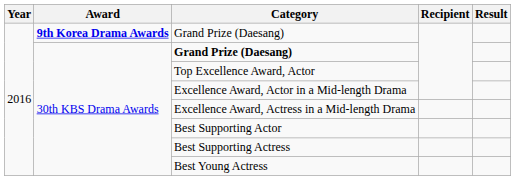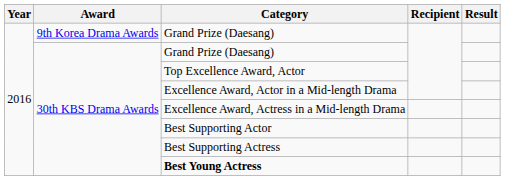 <table class="wikitable">
 <tr>
 <th>Year</th>
 <th>Award</th>
 <th>Category</th>
 <th>Recipient</th>
 <th>Result</th>
 </tr>
 <tr>
 <td rowspan="11">2016</td>
-<td><strong><a href='#'>9th Korea Drama Awards</a></strong></td>
+<td><a href='#'>9th Korea Drama Awards</a></td>
 <td>Grand Prize (Daesang)</td>
 <td rowspan="4"></td>
 <td></td>
 </tr>
 <tr>
 <td rowspan="7"><a href='#'>30th KBS Drama Awards</a></td>
-<td><strong>Grand Prize (Daesang)</strong></td>
+<td>Grand Prize (Daesang)</td>
 <td></td>
 </tr>
 <tr>
 <td>Top Excellence Award, Actor</td>
 <td></td>
 </tr>
 <tr>
 <td>Excellence Award, Actor in a Mid-length Drama</td>
 <td></td>
 </tr>
 <tr>
 <td>Excellence Award, Actress in a Mid-length Drama</td>
 <td></td>
 <td></td>
 </tr>
 <tr>
 <td>Best Supporting Actor</td>
 <td></td>
 <td></td>
 </tr>
 <tr>
 <td>Best Supporting Actress</td>
 <td></td>
 <td></td>
 </tr>
 <tr>
-<td>Best Young Actress</td>
+<td><strong>Best Young Actress</strong></td>
 <td></td>
 <td></td>
 </tr>
 </table>
